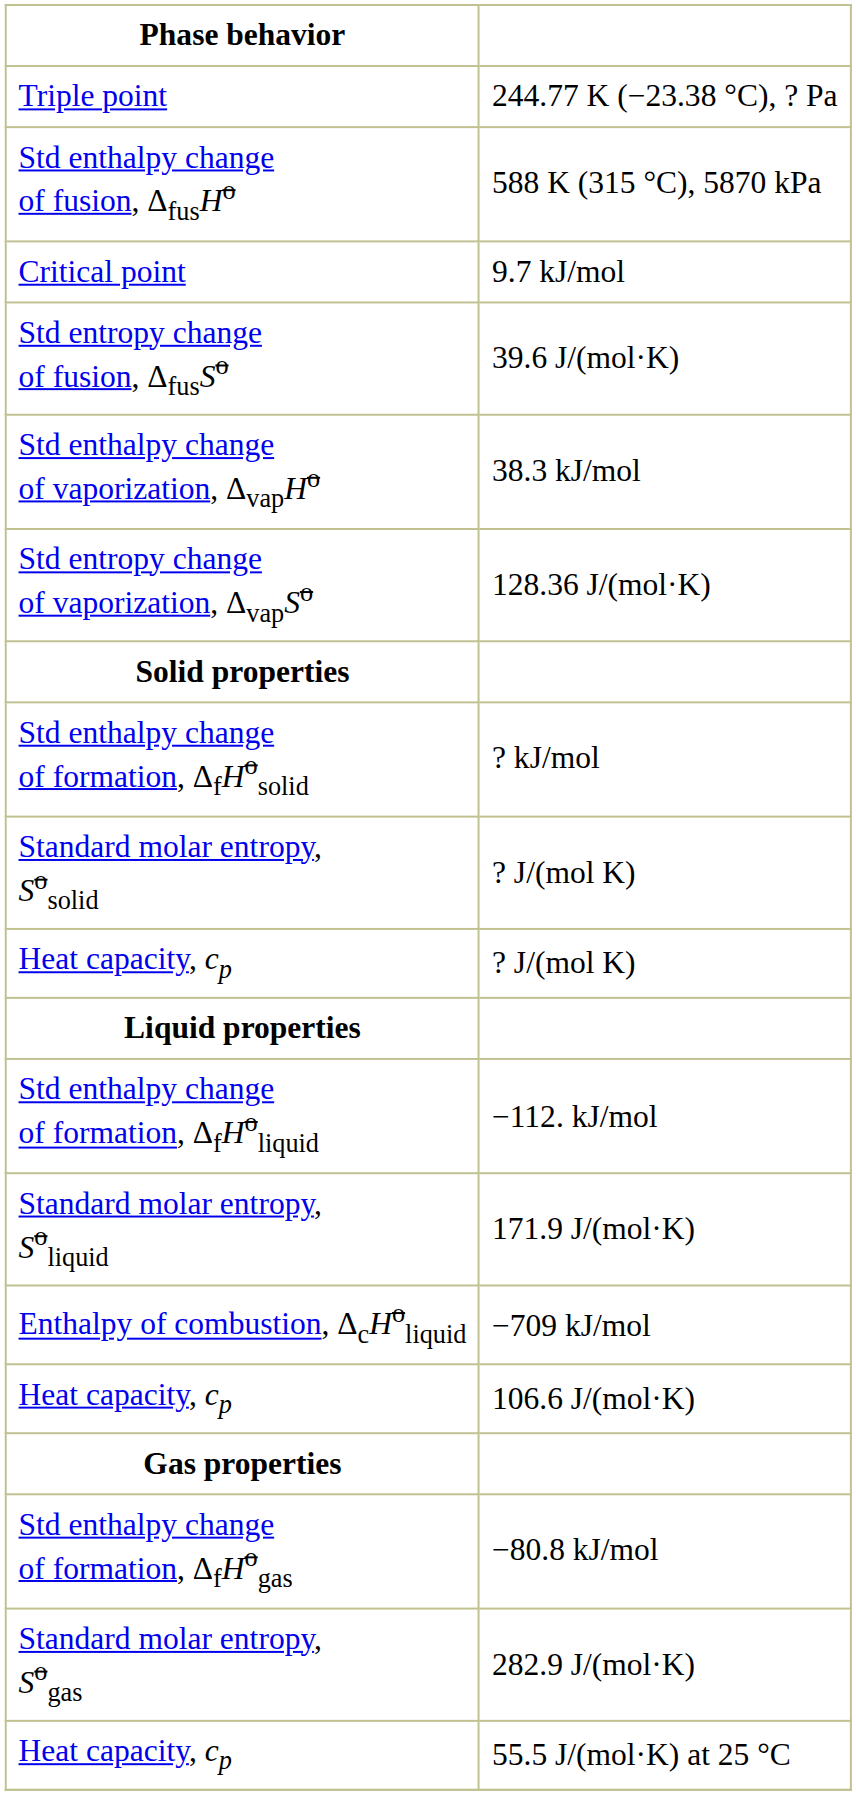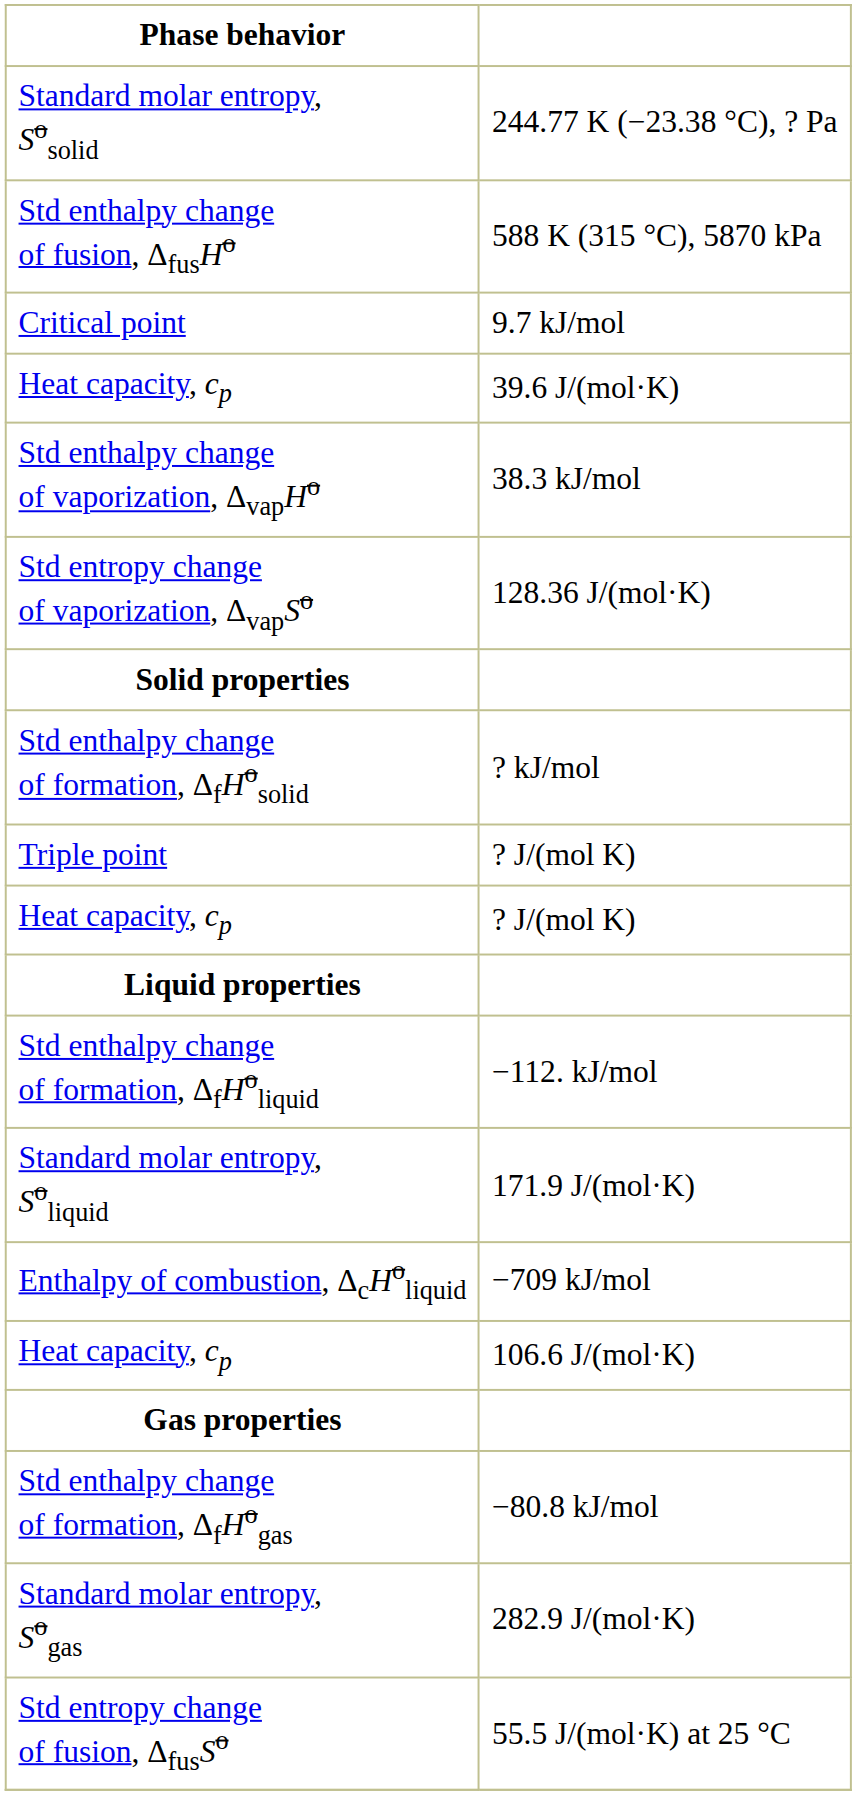 <table border="1" cellspacing="0" cellpadding="6" style="margin: 0 0 0 0.5em; background: #FFFFFF; border-collapse: collapse; border-color: #C0C090;">
 <tr>
 <th>Phase behavior</th>
 </tr>
 <tr>
-<td><a href='#'>Triple point</a></td>
+<td><a href='#'>Standard molar entropy</a>,<br><em>S</em><sup><s>o</s></sup><sub>solid</sub></td>
 <td>244.77 K (−23.38 °C), ? Pa</td>
 </tr>
 <tr>
 <td><a href='#'>Std enthalpy change<br>of fusion</a>, Δ<sub>fus</sub><em>H</em><sup><s>o</s></sup></td>
 <td>588 K (315 °C), 5870 kPa</td>
 </tr>
 <tr>
 <td><a href='#'>Critical point</a></td>
 <td>9.7 kJ/mol</td>
 </tr>
 <tr>
-<td><a href='#'>Std entropy change<br>of fusion</a>, Δ<sub>fus</sub><em>S</em><sup><s>o</s></sup></td>
+<td><a href='#'>Heat capacity</a>, <em>c<sub>p</sub></em></td>
 <td>39.6 J/(mol·K)</td>
 </tr>
 <tr>
 <td><a href='#'>Std enthalpy change<br>of vaporization</a>, Δ<sub>vap</sub><em>H</em><sup><s>o</s></sup></td>
 <td>38.3 kJ/mol</td>
 </tr>
 <tr>
 <td><a href='#'>Std entropy change<br>of vaporization</a>, Δ<sub>vap</sub><em>S</em><sup><s>o</s></sup></td>
 <td>128.36 J/(mol·K)</td>
 </tr>
 <tr>
 <th>Solid properties</th>
 </tr>
 <tr>
 <td><a href='#'>Std enthalpy change<br>of formation</a>, Δ<sub>f</sub><em>H</em><sup><s>o</s></sup><sub>solid</sub></td>
 <td>? kJ/mol</td>
 </tr>
 <tr>
-<td><a href='#'>Standard molar entropy</a>,<br><em>S</em><sup><s>o</s></sup><sub>solid</sub></td>
+<td><a href='#'>Triple point</a></td>
 <td>? J/(mol K)</td>
 </tr>
 <tr>
 <td><a href='#'>Heat capacity</a>, <em>c<sub>p</sub></em></td>
 <td>? J/(mol K)</td>
 </tr>
 <tr>
 <th>Liquid properties</th>
 </tr>
 <tr>
 <td><a href='#'>Std enthalpy change<br>of formation</a>, Δ<sub>f</sub><em>H</em><sup><s>o</s></sup><sub>liquid</sub></td>
 <td>−112. kJ/mol</td>
 </tr>
 <tr>
 <td><a href='#'>Standard molar entropy</a>,<br><em>S</em><sup><s>o</s></sup><sub>liquid</sub></td>
 <td>171.9 J/(mol·K)</td>
 </tr>
 <tr>
 <td><a href='#'>Enthalpy of combustion</a>, Δ<sub>c</sub><em>H</em><sup><s>o</s></sup><sub>liquid</sub></td>
 <td>−709 kJ/mol</td>
 </tr>
 <tr>
 <td><a href='#'>Heat capacity</a>, <em>c<sub>p</sub></em></td>
 <td>106.6 J/(mol·K)</td>
 </tr>
 <tr>
 <th>Gas properties</th>
 </tr>
 <tr>
 <td><a href='#'>Std enthalpy change<br>of formation</a>, Δ<sub>f</sub><em>H</em><sup><s>o</s></sup><sub>gas</sub></td>
 <td>−80.8 kJ/mol</td>
 </tr>
 <tr>
 <td><a href='#'>Standard molar entropy</a>,<br><em>S</em><sup><s>o</s></sup><sub>gas</sub></td>
 <td>282.9 J/(mol·K)</td>
 </tr>
 <tr>
-<td><a href='#'>Heat capacity</a>, <em>c<sub>p</sub></em></td>
+<td><a href='#'>Std entropy change<br>of fusion</a>, Δ<sub>fus</sub><em>S</em><sup><s>o</s></sup></td>
 <td>55.5 J/(mol·K) at 25 °C</td>
 </tr>
 <tr>
 </tr>
 </table>
